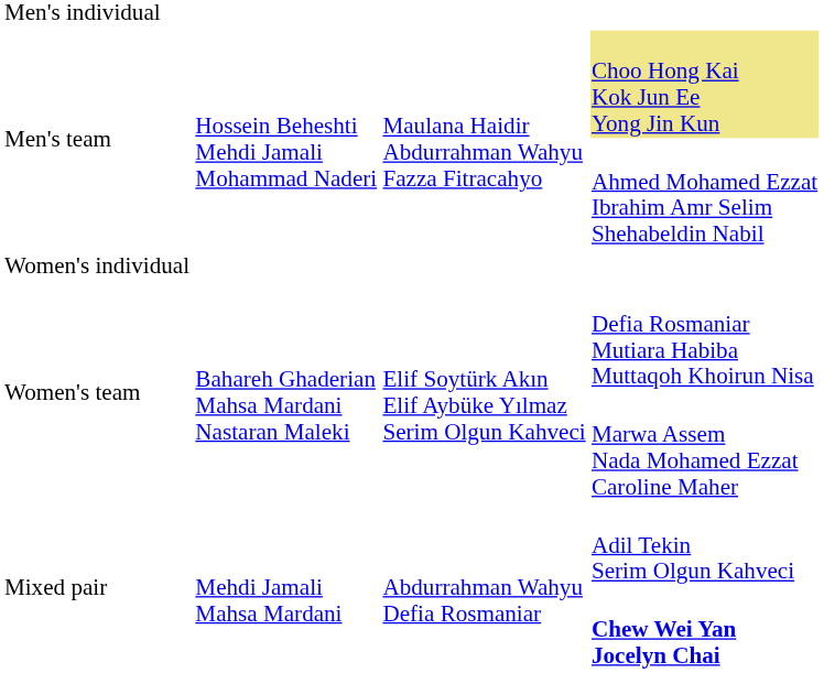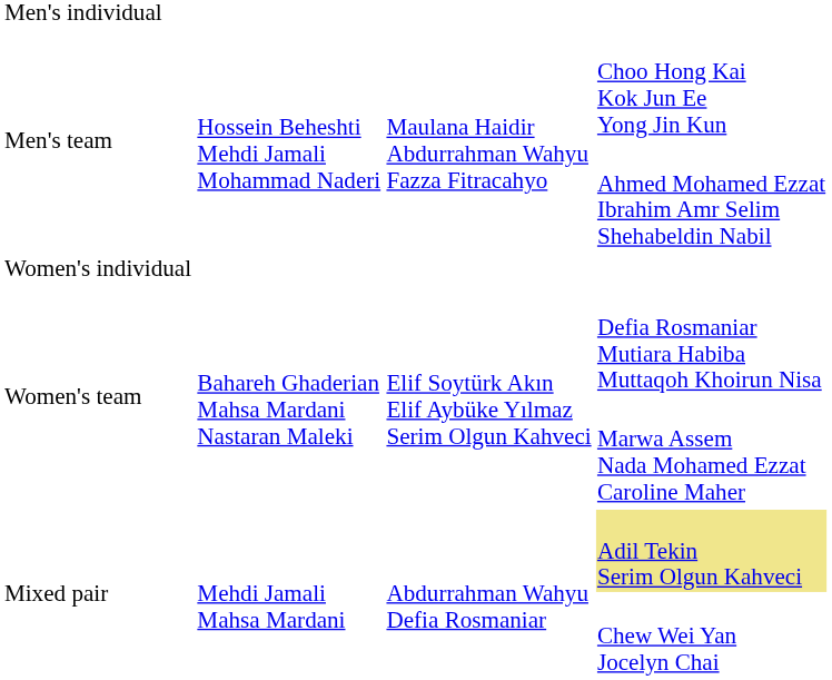 <table>
 <tr>
 <td rowspan=2>Men's individual</td>
 <td rowspan=2></td>
 <td rowspan=2></td>
 <td></td>
 </tr>
 <tr>
 <td></td>
 </tr>
 <tr>
 <td rowspan=2>Men's team</td>
 <td rowspan=2><br><a href='#'>Hossein Beheshti</a><br><a href='#'>Mehdi Jamali</a><br><a href='#'>Mohammad Naderi</a></td>
 <td rowspan=2><br><a href='#'>Maulana Haidir</a><br><a href='#'>Abdurrahman Wahyu</a><br><a href='#'>Fazza Fitracahyo</a></td>
-<td style="background: khaki;"><br><a href='#'>Choo Hong Kai</a><br><a href='#'>Kok Jun Ee</a><br><a href='#'>Yong Jin Kun</a></td>
+<td><br><a href='#'>Choo Hong Kai</a><br><a href='#'>Kok Jun Ee</a><br><a href='#'>Yong Jin Kun</a></td>
 </tr>
 <tr>
 <td><br><a href='#'>Ahmed Mohamed Ezzat</a><br><a href='#'>Ibrahim Amr Selim</a><br><a href='#'>Shehabeldin Nabil</a></td>
 </tr>
 <tr>
 <td rowspan=2>Women's individual</td>
 <td rowspan=2></td>
 <td rowspan=2></td>
 <td></td>
 </tr>
 <tr>
 <td></td>
 </tr>
 <tr>
 <td rowspan=2>Women's team</td>
 <td rowspan=2><br><a href='#'>Bahareh Ghaderian</a><br><a href='#'>Mahsa Mardani</a><br><a href='#'>Nastaran Maleki</a></td>
 <td rowspan=2><br><a href='#'>Elif Soytürk Akın</a><br><a href='#'>Elif Aybüke Yılmaz</a><br><a href='#'>Serim Olgun Kahveci</a></td>
 <td><br><a href='#'>Defia Rosmaniar</a><br><a href='#'>Mutiara Habiba</a><br><a href='#'>Muttaqoh Khoirun Nisa</a></td>
 </tr>
 <tr>
 <td><br><a href='#'>Marwa Assem</a><br><a href='#'>Nada Mohamed Ezzat</a><br><a href='#'>Caroline Maher</a></td>
 </tr>
 <tr>
 <td rowspan=2>Mixed pair</td>
 <td rowspan=2><br><a href='#'>Mehdi Jamali</a><br><a href='#'>Mahsa Mardani</a></td>
 <td rowspan=2><br><a href='#'>Abdurrahman Wahyu</a><br><a href='#'>Defia Rosmaniar</a></td>
-<td><br><a href='#'>Adil Tekin</a><br><a href='#'>Serim Olgun Kahveci</a></td>
+<td style="background: khaki;"><br><a href='#'>Adil Tekin</a><br><a href='#'>Serim Olgun Kahveci</a></td>
 </tr>
 <tr>
-<td><strong><br><a href='#'>Chew Wei Yan</a><br><a href='#'>Jocelyn Chai</a></strong></td>
+<td><br><a href='#'>Chew Wei Yan</a><br><a href='#'>Jocelyn Chai</a></td>
 </tr>
 </table>
